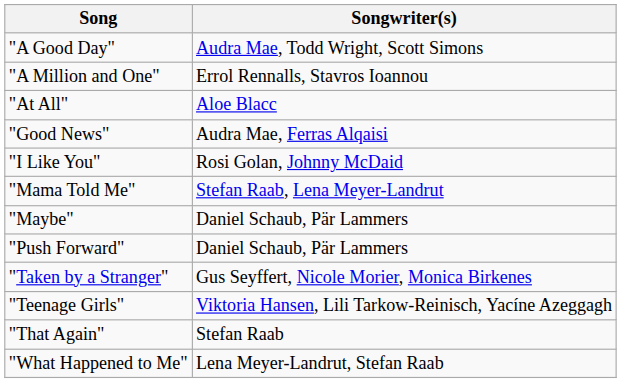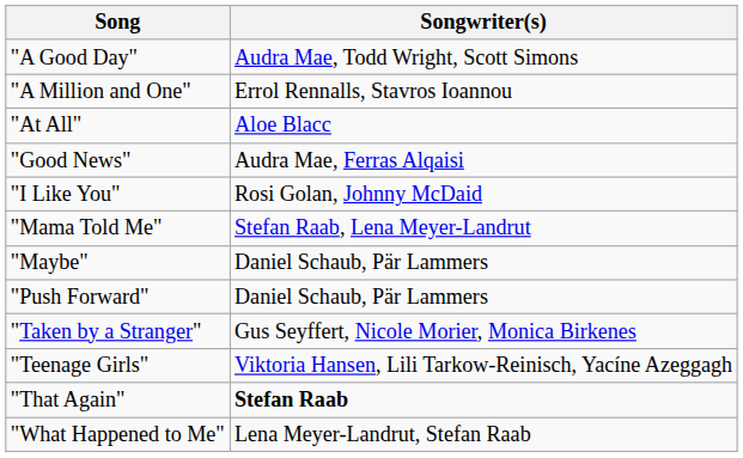 <table class="sortable wikitable" style="margin: 1em auto 1em auto; text-align:left">
 <tr>
 <th>Song</th>
 <th>Songwriter(s)</th>
 </tr>
 <tr>
 <td>"A Good Day"</td>
 <td><a href='#'>Audra Mae</a>, Todd Wright, Scott Simons</td>
 </tr>
 <tr>
 <td>"A Million and One"</td>
 <td>Errol Rennalls, Stavros Ioannou</td>
 </tr>
 <tr>
 <td>"At All"</td>
 <td><a href='#'>Aloe Blacc</a></td>
 </tr>
 <tr>
 <td>"Good News"</td>
 <td>Audra Mae, <a href='#'>Ferras Alqaisi</a></td>
 </tr>
 <tr>
 <td>"I Like You"</td>
 <td>Rosi Golan, <a href='#'>Johnny McDaid</a></td>
 </tr>
 <tr>
 <td>"Mama Told Me"</td>
 <td><a href='#'>Stefan Raab</a>, <a href='#'>Lena Meyer-Landrut</a></td>
 </tr>
 <tr>
 <td>"Maybe"</td>
 <td>Daniel Schaub, Pär Lammers</td>
 </tr>
 <tr>
 <td>"Push Forward"</td>
 <td>Daniel Schaub, Pär Lammers</td>
 </tr>
 <tr>
 <td>"<a href='#'>Taken by a Stranger</a>"</td>
 <td>Gus Seyffert, <a href='#'>Nicole Morier</a>, <a href='#'>Monica Birkenes</a></td>
 </tr>
 <tr>
 <td>"Teenage Girls"</td>
 <td><a href='#'>Viktoria Hansen</a>, Lili Tarkow-Reinisch, Yacíne Azeggagh</td>
 </tr>
 <tr>
 <td>"That Again"</td>
-<td>Stefan Raab</td>
+<td><strong>Stefan Raab</strong></td>
 </tr>
 <tr>
 <td>"What Happened to Me"</td>
 <td>Lena Meyer-Landrut, Stefan Raab</td>
 </tr>
 </table>
